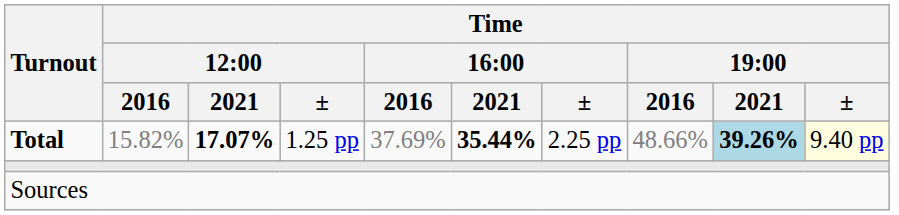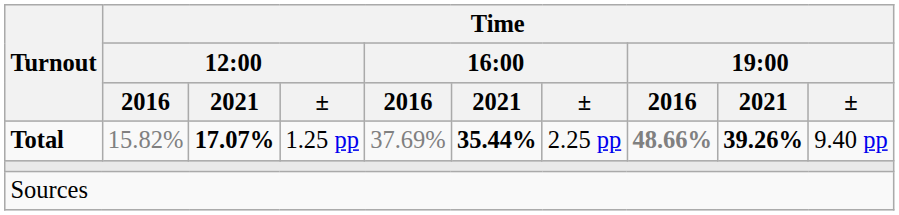 <table class="wikitable sortable" style="text-align:right;">
 <tr>
 <th rowspan="3">Turnout</th>
 <th colspan="9">Time</th>
 </tr>
 <tr>
 <th colspan="3">12:00</th>
 <th colspan="3">16:00</th>
 <th colspan="3">19:00</th>
 </tr>
 <tr>
 <th>2016</th>
 <th>2021</th>
 <th>±</th>
 <th>2016</th>
 <th>2021</th>
 <th>±</th>
 <th>2016</th>
 <th>2021</th>
 <th>±</th>
 </tr>
 <tr>
 <td align="left"><strong>Total</strong></td>
 <td style="color:gray;">15.82%</td>
 <td><strong>17.07%</strong></td>
 <td> 1.25 <a href='#'>pp</a></td>
 <td style="color:gray;">37.69%</td>
 <td><strong>35.44%</strong></td>
 <td> 2.25 <a href='#'>pp</a></td>
-<td style="color:gray;">48.66%</td>
-<td style="background: lightblue;"><strong>39.26%</strong></td>
-<td style="background: lightyellow;"> 9.40 <a href='#'>pp</a></td>
+<td style="color:gray;"><strong>48.66%</strong></td>
+<td><strong>39.26%</strong></td>
+<td> 9.40 <a href='#'>pp</a></td>
 </tr>
 <tr>
 <td colspan="10" bgcolor="#E9E9E9"></td>
 </tr>
 <tr>
 <td align="left" colspan="10">Sources</td>
 </tr>
 </table>
